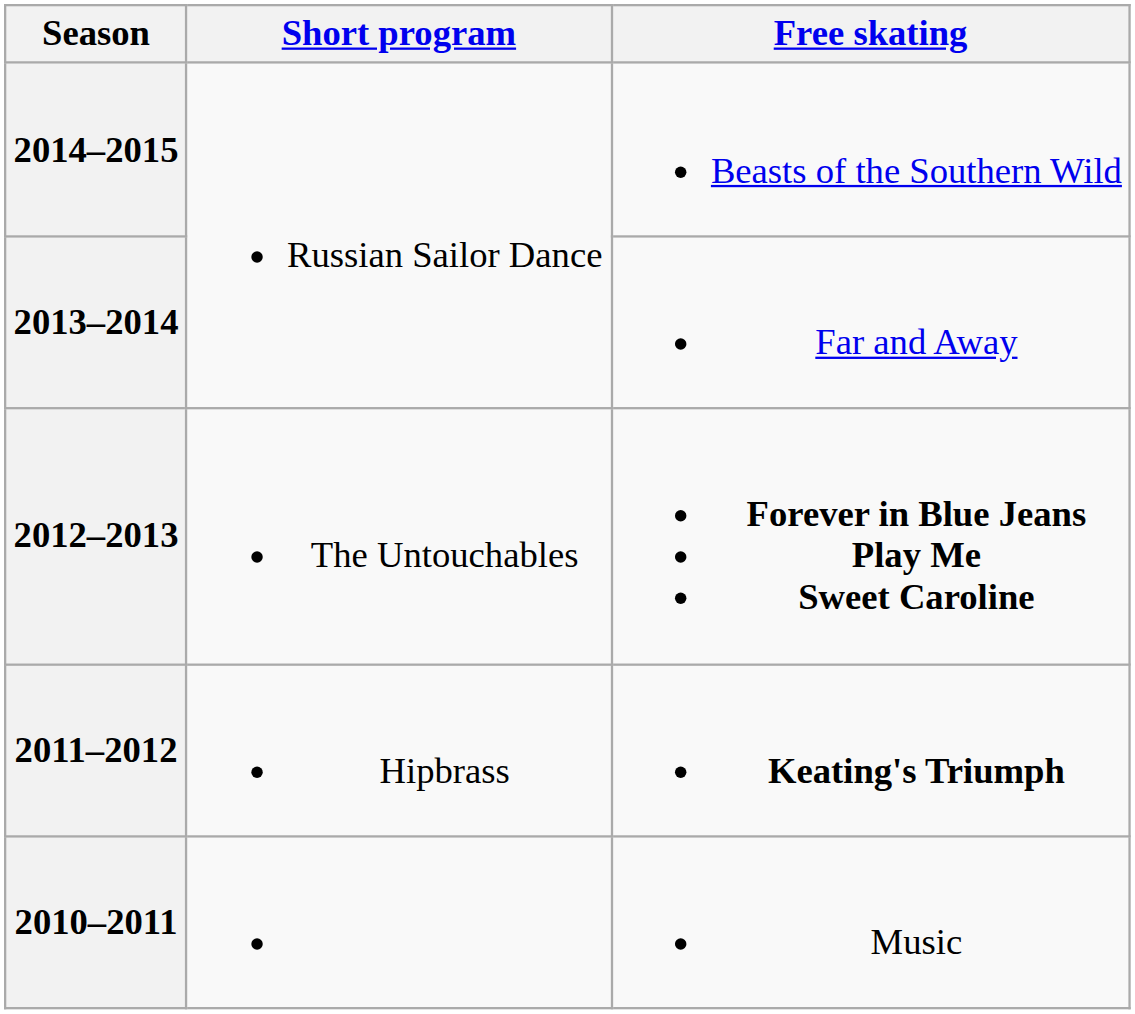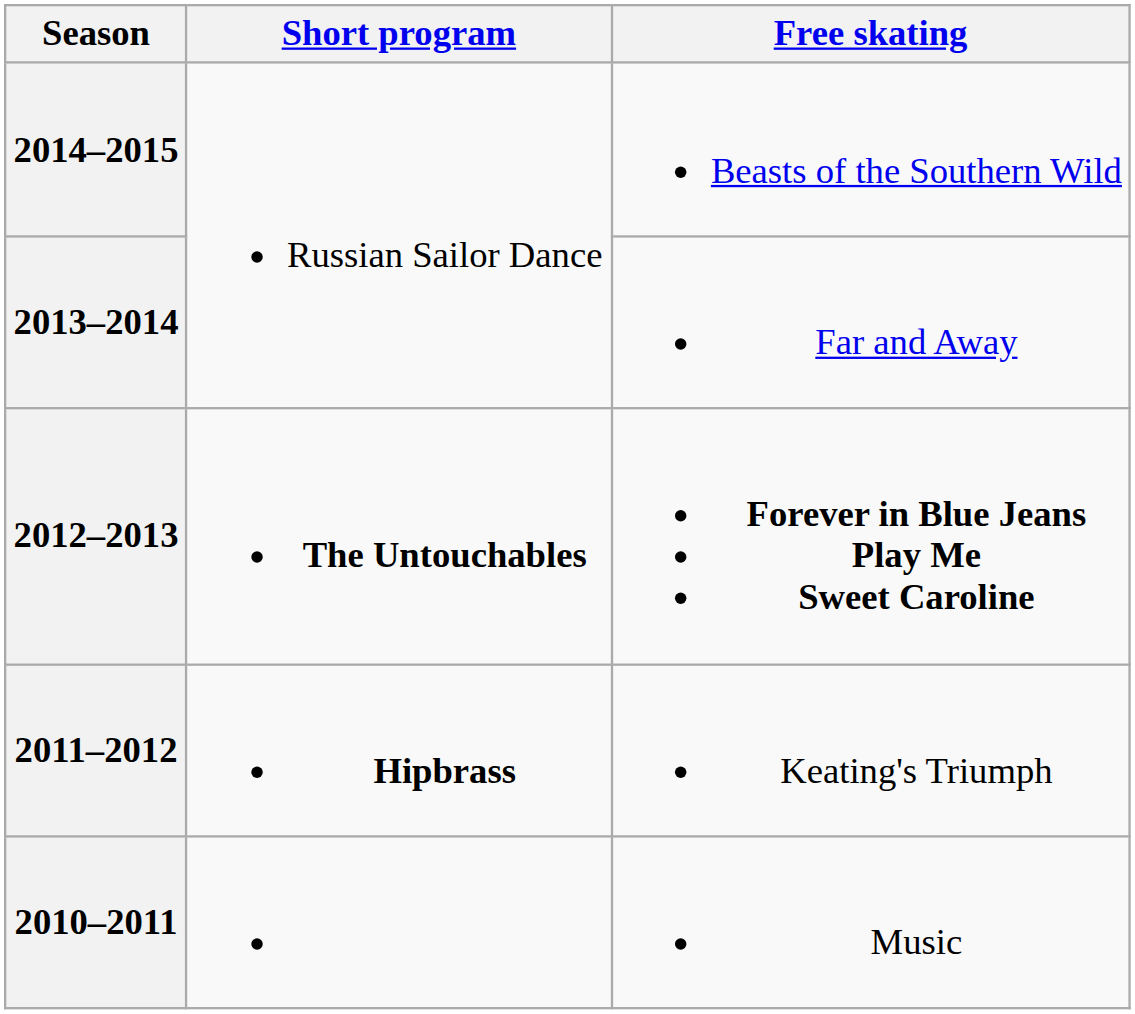 <table class=wikitable style=text-align:center>
 <tr>
 <th>Season</th>
 <th><a href='#'>Short program</a></th>
 <th><a href='#'>Free skating</a></th>
 </tr>
 <tr>
 <th>2014–2015 <br> </th>
 <td rowspan=2><br><ul><li>Russian Sailor Dance <br></li></ul></td>
 <td><br><ul><li><a href='#'>Beasts of the Southern Wild</a> <br></li></ul></td>
 </tr>
 <tr>
 <th>2013–2014 <br> </th>
 <td><br><ul><li><a href='#'>Far and Away</a> <br></li></ul></td>
 </tr>
 <tr>
 <th>2012–2013 <br> </th>
-<td><br><ul><li>The Untouchables <br></li></ul></td>
+<td><strong><br><ul><li>The Untouchables <br></li></ul></strong></td>
 <td><strong><br><ul><li>Forever in Blue Jeans <br></li><li>Play Me <br></li><li>Sweet Caroline <br></li></ul></strong></td>
 </tr>
 <tr>
 <th>2011–2012 <br> </th>
-<td><br><ul><li>Hipbrass <br></li></ul></td>
-<td><strong><br><ul><li>Keating's Triumph <br></li></ul></strong></td>
+<td><strong><br><ul><li>Hipbrass <br></li></ul></strong></td>
+<td><br><ul><li>Keating's Triumph <br></li></ul></td>
 </tr>
 <tr>
 <th>2010–2011 <br> </th>
 <td><br><ul><li></li></ul></td>
 <td><br><ul><li>Music <br></li></ul></td>
 </tr>
 </table>
